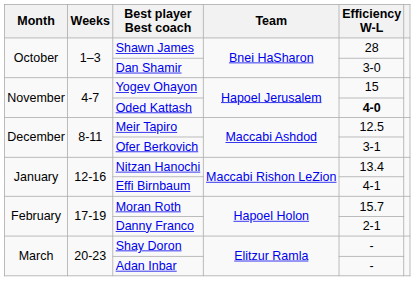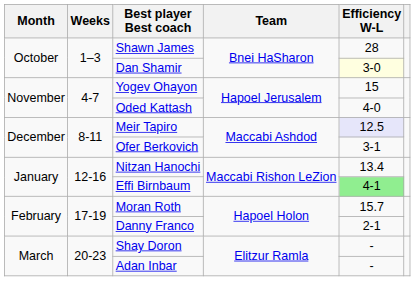 <table class="wikitable" style="text-align: center;">
 <tr>
 <th style="text-align:center;">Month</th>
 <th style="text-align:center;">Weeks</th>
 <th style="text-align:center;">Best player<br>Best coach</th>
 <th style="text-align:center;">Team</th>
 <th style="text-align:center;">Efficiency<br>W-L</th>
 <th></th>
 </tr>
 <tr>
 <td rowspan=2>October</td>
 <td rowspan=2>1–3</td>
 <td align="left"> <a href='#'>Shawn James</a></td>
 <td rowspan=2><a href='#'>Bnei HaSharon</a></td>
 <td>28</td>
 <td rowspan=2></td>
 </tr>
 <tr>
 <td align="left"> <a href='#'>Dan Shamir</a></td>
-<td>3-0</td>
+<td style="background: lightyellow;">3-0</td>
 </tr>
 <tr>
 <td rowspan=2>November</td>
 <td rowspan=2>4-7</td>
 <td align="left"> <a href='#'>Yogev Ohayon</a></td>
 <td rowspan=2><a href='#'>Hapoel Jerusalem</a></td>
 <td>15</td>
 <td rowspan=2></td>
 </tr>
 <tr>
 <td align="left"> <a href='#'>Oded Kattash</a></td>
-<td><strong>4-0</strong></td>
+<td>4-0</td>
 </tr>
 <tr>
 <td rowspan=2>December</td>
 <td rowspan=2>8-11</td>
 <td align="left"> <a href='#'>Meir Tapiro</a></td>
 <td rowspan=2><a href='#'>Maccabi Ashdod</a></td>
-<td>12.5</td>
+<td style="background: lavender;">12.5</td>
 <td rowspan=2></td>
 </tr>
 <tr>
 <td align="left"> <a href='#'>Ofer Berkovich</a></td>
 <td>3-1</td>
 </tr>
 <tr>
 <td rowspan=2>January</td>
 <td rowspan=2>12-16</td>
 <td align="left"> <a href='#'>Nitzan Hanochi</a></td>
 <td rowspan=2><a href='#'>Maccabi Rishon LeZion</a></td>
 <td>13.4</td>
 <td rowspan=2></td>
 </tr>
 <tr>
 <td align="left"> <a href='#'>Effi Birnbaum</a></td>
-<td>4-1</td>
+<td style="background: lightgreen;">4-1</td>
 </tr>
 <tr>
 <td rowspan=2>February</td>
 <td rowspan=2>17-19</td>
 <td align="left"> <a href='#'>Moran Roth</a></td>
 <td rowspan=2><a href='#'>Hapoel Holon</a></td>
 <td>15.7</td>
 <td rowspan=2></td>
 </tr>
 <tr>
 <td align="left"> <a href='#'>Danny Franco</a></td>
 <td>2-1</td>
 </tr>
 <tr>
 <td rowspan=2>March</td>
 <td rowspan=2>20-23</td>
 <td align="left"> <a href='#'>Shay Doron</a></td>
 <td rowspan=2><a href='#'>Elitzur Ramla</a></td>
 <td>-</td>
 <td rowspan=2></td>
 </tr>
 <tr>
 <td align="left"> <a href='#'>Adan Inbar</a></td>
 <td>-</td>
 </tr>
 </table>
